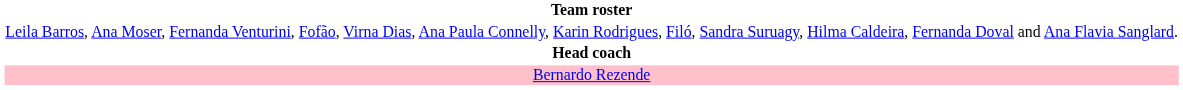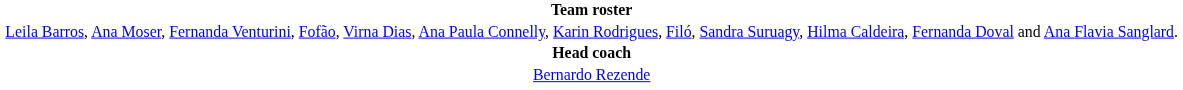 <table style="text-align:center;margin-top:2em;margin-left:auto;margin-right:auto">
 <tr>
 <td><strong>Team roster</strong></td>
 </tr>
 <tr>
 <td><a href='#'>Leila Barros</a>, <a href='#'>Ana Moser</a>, <a href='#'>Fernanda Venturini</a>, <a href='#'>Fofão</a>, <a href='#'>Virna Dias</a>, <a href='#'>Ana Paula Connelly</a>, <a href='#'>Karin Rodrigues</a>, <a href='#'>Filó</a>, <a href='#'>Sandra Suruagy</a>, <a href='#'>Hilma Caldeira</a>, <a href='#'>Fernanda Doval</a> and <a href='#'>Ana Flavia Sanglard</a>.</td>
 </tr>
 <tr>
 <td><strong>Head coach</strong></td>
 </tr>
 <tr>
-<td style="background: pink;"><a href='#'>Bernardo Rezende</a></td>
+<td><a href='#'>Bernardo Rezende</a></td>
 </tr>
 </table>
